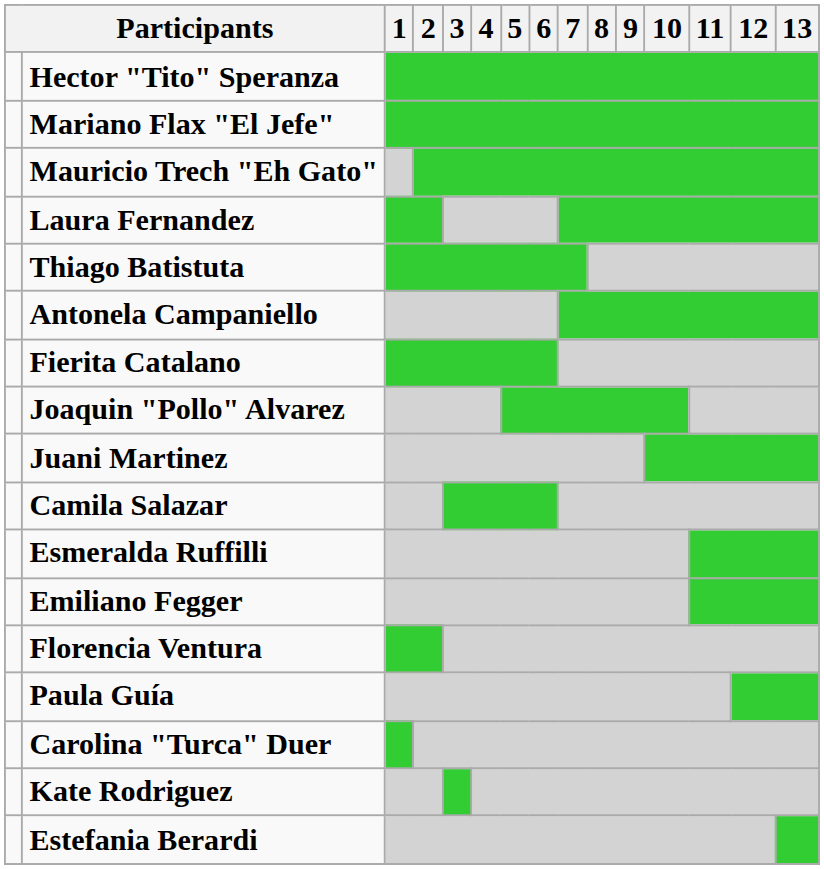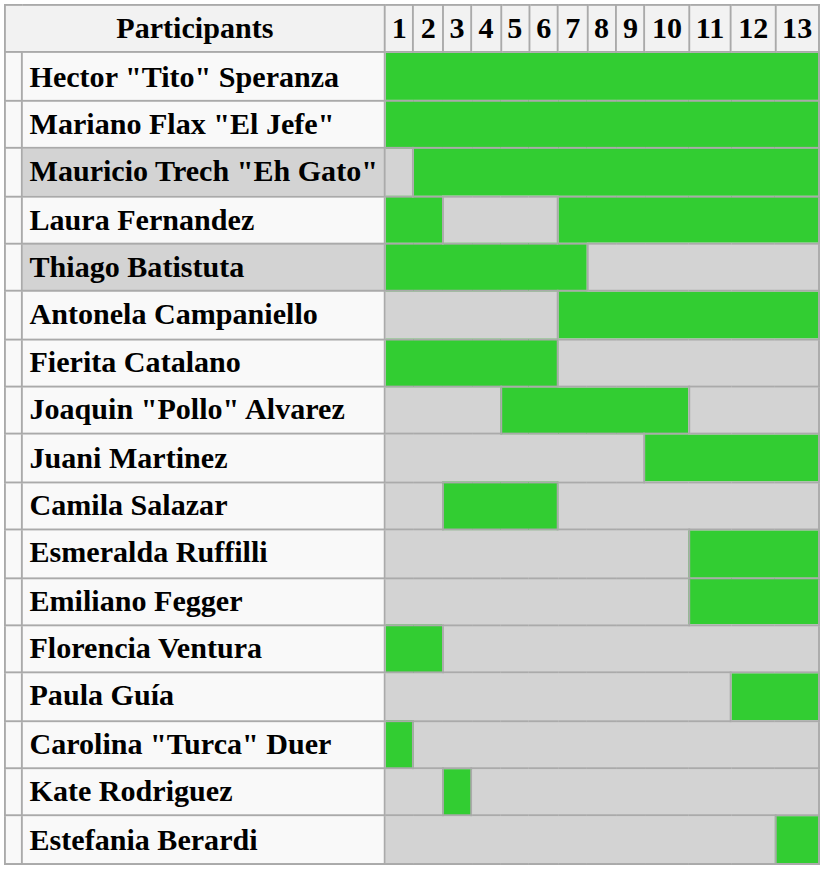 <table class="wikitable" style="text-align:centercore;">
 <tr>
 <th colspan="2" rowspan="1">Participants</th>
 <th>1</th>
 <th>2</th>
 <th>3</th>
 <th>4</th>
 <th>5</th>
 <th>6</th>
 <th>7</th>
 <th>8</th>
 <th>9</th>
 <th>10</th>
 <th>11</th>
 <th>12</th>
 <th>13</th>
 </tr>
 <tr>
 <td width="2"></td>
 <td><strong>Hector "Tito" Speranza</strong></td>
 <td bgcolor="limegreen" colspan="13"></td>
 </tr>
 <tr>
 <td width="2"></td>
 <td><strong>Mariano Flax "El Jefe" </strong></td>
 <td bgcolor="limegreen" colspan="13"></td>
 </tr>
 <tr>
 <td width="2"></td>
-<td><strong>Mauricio Trech "Eh Gato"</strong></td>
+<td style="background: lightgrey;"><strong>Mauricio Trech "Eh Gato"</strong></td>
 <td bgcolor="lightgrey" colspan="1"></td>
 <td bgcolor="limegreen" colspan="12"></td>
 </tr>
 <tr>
 <td width="2"></td>
 <td><strong>Laura Fernandez</strong></td>
 <td bgcolor="limegreen" colspan="2"></td>
 <td bgcolor="lightgrey" colspan="4"></td>
 <td bgcolor="limegreen" colspan="7"></td>
 </tr>
 <tr>
 <td width="2"></td>
-<td><strong>Thiago Batistuta</strong></td>
+<td style="background: lightgrey;"><strong>Thiago Batistuta</strong></td>
 <td bgcolor="limegreen" colspan="7"></td>
 <td bgcolor="lightgrey" colspan="6"></td>
 </tr>
 <tr>
 <td width="2"></td>
 <td><strong>Antonela Campaniello</strong></td>
 <td bgcolor="lightgrey" colspan="6"></td>
 <td bgcolor="limegreen" colspan="7"></td>
 </tr>
 <tr>
 <td width="2"></td>
 <td><strong>Fierita Catalano</strong></td>
 <td bgcolor="limegreen" colspan="6"></td>
 <td bgcolor="lightgrey" colspan="7"></td>
 </tr>
 <tr>
 <td width="2"></td>
 <td><strong>Joaquin "Pollo" Alvarez</strong></td>
 <td bgcolor="lightgrey" colspan="4"></td>
 <td bgcolor="limegreen" colspan="6"></td>
 <td bgcolor="lightgrey" colspan="3"></td>
 </tr>
 <tr>
 <td width="2"></td>
 <td><strong>Juani Martinez</strong></td>
 <td bgcolor="lightgrey" colspan="9"></td>
 <td bgcolor="limegreen" colspan="4"></td>
 </tr>
 <tr>
 <td width="2"></td>
 <td><strong>Camila Salazar</strong></td>
 <td bgcolor="lightgrey" colspan="2"></td>
 <td bgcolor="limegreen" colspan="4"></td>
 <td bgcolor="lightgrey" colspan="7"></td>
 </tr>
 <tr>
 <td width="2"></td>
 <td><strong>Esmeralda Ruffilli</strong></td>
 <td bgcolor="lightgrey" colspan="10"></td>
 <td bgcolor="limegreen" colspan="3"></td>
 </tr>
 <tr>
 <td width="2"></td>
 <td><strong>Emiliano Fegger</strong></td>
 <td bgcolor="lightgrey" colspan="10"></td>
 <td bgcolor="limegreen" colspan="3"></td>
 </tr>
 <tr>
 <td width="2"></td>
 <td><strong>Florencia Ventura</strong></td>
 <td bgcolor="limegreen" colspan="2"></td>
 <td bgcolor="lightgrey" colspan="11"></td>
 </tr>
 <tr>
 <td width="2"></td>
 <td><strong>Paula Guía</strong></td>
 <td bgcolor="lightgrey" colspan="11"></td>
 <td bgcolor="limegreen" colspan="2"></td>
 </tr>
 <tr>
 <td width="2"></td>
 <td><strong>Carolina "Turca" Duer</strong></td>
 <td bgcolor="limegreen" colspan="1"></td>
 <td bgcolor="lightgrey" colspan="12"></td>
 </tr>
 <tr>
 <td width="2"></td>
 <td><strong>Kate Rodriguez</strong></td>
 <td bgcolor="lightgrey" colspan="2"></td>
 <td bgcolor="limegreen" colspan="1"></td>
 <td bgcolor="lightgrey" colspan="10"></td>
 </tr>
 <tr>
 <td width="2"></td>
 <td><strong>Estefania Berardi</strong></td>
 <td bgcolor="lightgrey" colspan="12"></td>
 <td bgcolor="limegreen" colspan="1"></td>
 </tr>
 <tr>
 </tr>
 </table>
